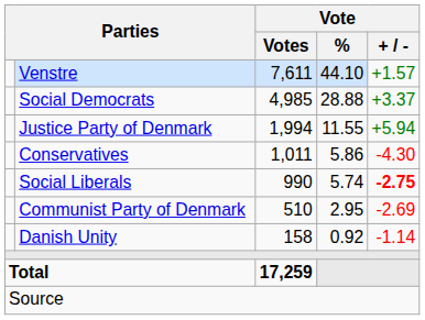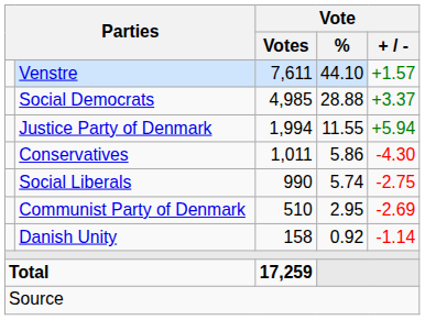 <table class="wikitable" style="text-align:right;">
 <tr>
 <th style="text-align:centre;" rowspan="2" colspan="2" width="225">Parties</th>
 <th colspan="3">Vote</th>
 </tr>
 <tr>
 <th width="15">Votes</th>
 <th width="15">%</th>
 <th width="15">+ / -</th>
 </tr>
 <tr>
 <td width="2" style="color:inherit;background:"></td>
 <td bgcolor=#cfe5fe  align="left"><a href='#'>Venstre</a></td>
 <td bgcolor=#cfe5fe>7,611</td>
 <td bgcolor=#cfe5fe>44.10</td>
 <td style=color:green;>+1.57</td>
 </tr>
 <tr>
 <td width="2" style="color:inherit;background:"></td>
 <td align="left"><a href='#'>Social Democrats</a></td>
 <td>4,985</td>
 <td>28.88</td>
 <td style=color:green;>+3.37</td>
 </tr>
 <tr>
 <td width="2" style="color:inherit;background:"></td>
 <td align="left"><a href='#'>Justice Party of Denmark</a></td>
 <td>1,994</td>
 <td>11.55</td>
 <td style=color:green;>+5.94</td>
 </tr>
 <tr>
 <td width="2" style="color:inherit;background:"></td>
 <td align="left"><a href='#'>Conservatives</a></td>
 <td>1,011</td>
 <td>5.86</td>
 <td style=color:red;>-4.30</td>
 </tr>
 <tr>
 <td width="2" style="color:inherit;background:"></td>
 <td align="left"><a href='#'>Social Liberals</a></td>
 <td>990</td>
 <td>5.74</td>
-<td style=color:red;><strong>-2.75</strong></td>
+<td style=color:red;>-2.75</td>
 </tr>
 <tr>
 <td width="2" style="color:inherit;background:"></td>
 <td align="left"><a href='#'>Communist Party of Denmark</a></td>
 <td>510</td>
 <td>2.95</td>
 <td style=color:red;>-2.69</td>
 </tr>
 <tr>
 <td width="2" style="color:inherit;background:"></td>
 <td align="left"><a href='#'>Danish Unity</a></td>
 <td>158</td>
 <td>0.92</td>
 <td style=color:red;>-1.14</td>
 </tr>
 <tr>
 <td colspan="7" bgcolor="#E9E9E9"></td>
 </tr>
 <tr>
 <td align="left" colspan="2"><strong>Total</strong></td>
 <td><strong>17,259</strong></td>
 <td bgcolor="#E9E9E9" colspan="2"></td>
 </tr>
 <tr>
 <td align="left" colspan="6">Source</td>
 </tr>
 </table>
